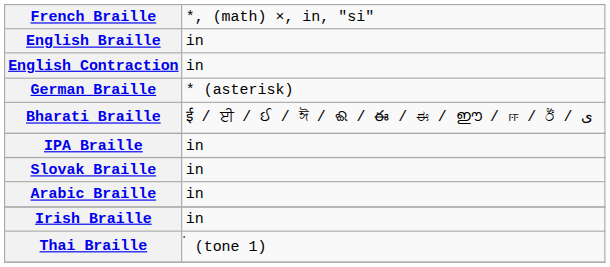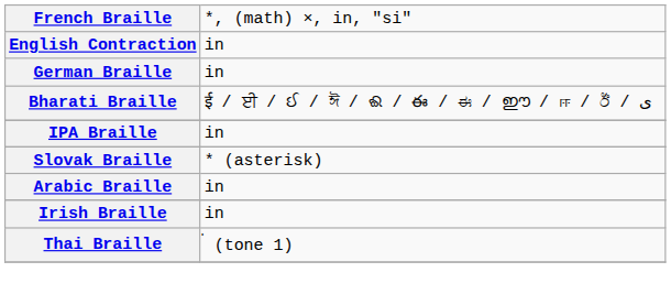 <table class="wikitable">
 <tr>
 <th align=left><a href='#'>French Braille</a></th>
 <td>*, (math) ×, in, "si"</td>
-</tr>
-<tr>
-<th align=left><a href='#'>English Braille</a></th>
-<td>in</td>
 </tr>
 <tr>
 <th align=left><a href='#'>English Contraction</a></th>
 <td>in</td>
 </tr>
 <tr>
 <th align=left><a href='#'>German Braille</a></th>
-<td>* (asterisk)</td>
+<td>in</td>
 </tr>
 <tr>
 <th align=left><a href='#'>Bharati Braille</a></th>
 <td>ई / ਈ / ઈ / ঈ / ଈ / ఈ / ಈ / ഈ / ஈ / ඊ / ی ‎</td>
 </tr>
 <tr>
 </tr>
 <tr>
 <th align=left><a href='#'>IPA Braille</a></th>
 <td>in</td>
 </tr>
 <tr>
 </tr>
 <tr>
 <th align=left><a href='#'>Slovak Braille</a></th>
-<td>in</td>
+<td>* (asterisk)</td>
 </tr>
 <tr>
 <th align=left><a href='#'>Arabic Braille</a></th>
 <td>in</td>
 </tr>
 <tr>
 </tr>
 <tr>
 <th align=left><a href='#'>Irish Braille</a></th>
 <td>in</td>
 </tr>
 <tr>
 <th align=left><a href='#'>Thai Braille</a></th>
 <td>่ (tone 1)</td>
 </tr>
 <tr>
 </tr>
 </table>
